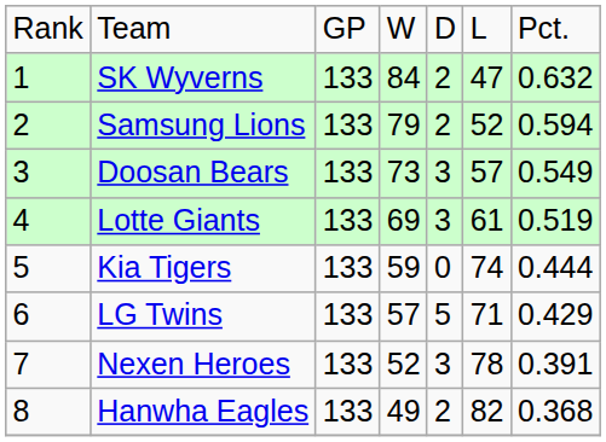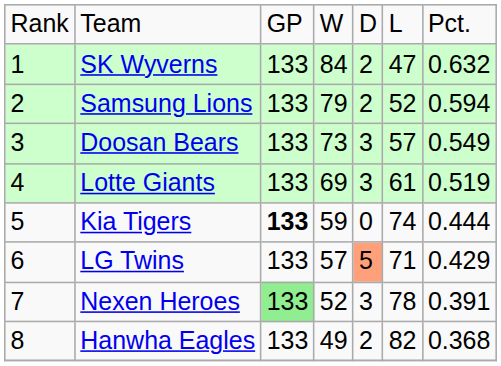 <table class="wikitable">
 <tr>
 <td>Rank</td>
 <td>Team</td>
 <td>GP</td>
 <td>W</td>
 <td>D</td>
 <td>L</td>
 <td>Pct.</td>
 </tr>
 <tr bgcolor="#ccffcc">
 <td>1</td>
 <td><a href='#'>SK Wyverns</a></td>
 <td>133</td>
 <td>84</td>
 <td>2</td>
 <td>47</td>
 <td>0.632</td>
 </tr>
 <tr bgcolor="#ccffcc">
 <td>2</td>
 <td><a href='#'>Samsung Lions</a></td>
 <td>133</td>
 <td>79</td>
 <td>2</td>
 <td>52</td>
 <td>0.594</td>
 </tr>
 <tr bgcolor="#ccffcc">
 <td>3</td>
 <td><a href='#'>Doosan Bears</a></td>
 <td>133</td>
 <td>73</td>
 <td>3</td>
 <td>57</td>
 <td>0.549</td>
 </tr>
 <tr bgcolor="#ccffcc">
 <td>4</td>
 <td><a href='#'>Lotte Giants</a></td>
 <td>133</td>
 <td>69</td>
 <td>3</td>
 <td>61</td>
 <td>0.519</td>
 </tr>
 <tr>
 <td>5</td>
 <td><a href='#'>Kia Tigers</a></td>
-<td>133</td>
+<td><strong>133</strong></td>
 <td>59</td>
 <td>0</td>
 <td>74</td>
 <td>0.444</td>
 </tr>
 <tr>
 <td>6</td>
 <td><a href='#'>LG Twins</a></td>
 <td>133</td>
 <td>57</td>
-<td>5</td>
+<td style="background: lightsalmon;">5</td>
 <td>71</td>
 <td>0.429</td>
 </tr>
 <tr>
 <td>7</td>
 <td><a href='#'>Nexen Heroes</a></td>
-<td>133</td>
+<td style="background: lightgreen;">133</td>
 <td>52</td>
 <td>3</td>
 <td>78</td>
 <td>0.391</td>
 </tr>
 <tr>
 <td>8</td>
 <td><a href='#'>Hanwha Eagles</a></td>
 <td>133</td>
 <td>49</td>
 <td>2</td>
 <td>82</td>
 <td>0.368</td>
 </tr>
 <tr>
 </tr>
 </table>
